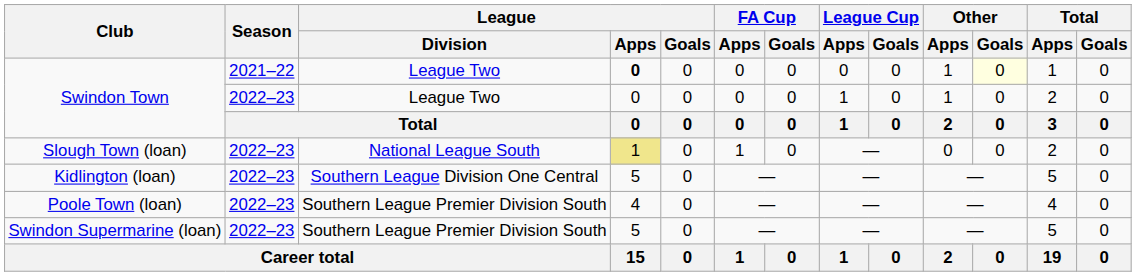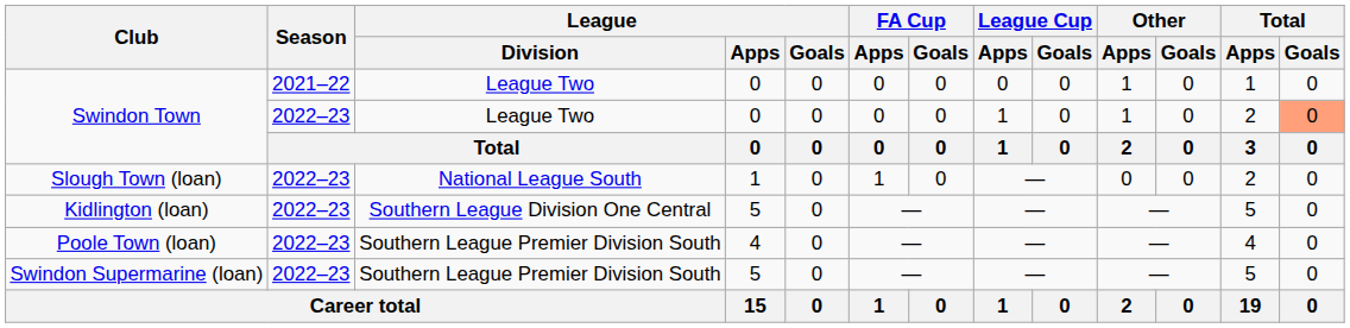 <table class="wikitable" style="text-align:center">
 <tr>
 <th rowspan="2">Club</th>
 <th rowspan="2">Season</th>
 <th colspan="3">League</th>
 <th colspan="2"><a href='#'>FA Cup</a></th>
 <th colspan="2"><a href='#'>League Cup</a></th>
 <th colspan="2">Other</th>
 <th colspan="2">Total</th>
 </tr>
 <tr>
 <th>Division</th>
 <th>Apps</th>
 <th>Goals</th>
 <th>Apps</th>
 <th>Goals</th>
 <th>Apps</th>
 <th>Goals</th>
 <th>Apps</th>
 <th>Goals</th>
 <th>Apps</th>
 <th>Goals</th>
 </tr>
 <tr>
 <td rowspan="3"><a href='#'>Swindon Town</a></td>
 <td><a href='#'>2021–22</a></td>
 <td><a href='#'>League Two</a></td>
-<td><strong>0</strong></td>
+<td>0</td>
 <td>0</td>
 <td>0</td>
 <td>0</td>
 <td>0</td>
 <td>0</td>
 <td>1</td>
-<td style="background: lightyellow;">0</td>
+<td>0</td>
 <td>1</td>
 <td>0</td>
 </tr>
 <tr>
 <td><a href='#'>2022–23</a></td>
 <td>League Two</td>
 <td>0</td>
 <td>0</td>
 <td>0</td>
 <td>0</td>
 <td>1</td>
 <td>0</td>
 <td>1</td>
 <td>0</td>
 <td>2</td>
-<td>0</td>
+<td style="background: lightsalmon;">0</td>
 </tr>
 <tr>
 <th colspan=2>Total</th>
 <th>0</th>
 <th>0</th>
 <th>0</th>
 <th>0</th>
 <th>1</th>
 <th>0</th>
 <th>2</th>
 <th>0</th>
 <th>3</th>
 <th>0</th>
 </tr>
 <tr>
 <td><a href='#'>Slough Town</a> (loan)</td>
 <td><a href='#'>2022–23</a></td>
 <td><a href='#'>National League South</a></td>
-<td style="background: khaki;">1</td>
+<td>1</td>
 <td>0</td>
 <td>1</td>
 <td>0</td>
 <td colspan="2">—</td>
 <td>0</td>
 <td>0</td>
 <td>2</td>
 <td>0</td>
 </tr>
 <tr>
 <td><a href='#'>Kidlington</a> (loan)</td>
 <td><a href='#'>2022–23</a></td>
 <td><a href='#'>Southern League</a> Division One Central</td>
 <td>5</td>
 <td>0</td>
 <td colspan="2">—</td>
 <td colspan="2">—</td>
 <td colspan="2">—</td>
 <td>5</td>
 <td>0</td>
 </tr>
 <tr>
 <td><a href='#'>Poole Town</a> (loan)</td>
 <td><a href='#'>2022–23</a></td>
 <td>Southern League Premier Division South</td>
 <td>4</td>
 <td>0</td>
 <td colspan="2">—</td>
 <td colspan="2">—</td>
 <td colspan="2">—</td>
 <td>4</td>
 <td>0</td>
 </tr>
 <tr>
 <td><a href='#'>Swindon Supermarine</a> (loan)</td>
 <td><a href='#'>2022–23</a></td>
 <td>Southern League Premier Division South</td>
 <td>5</td>
 <td>0</td>
 <td colspan="2">—</td>
 <td colspan="2">—</td>
 <td colspan="2">—</td>
 <td>5</td>
 <td>0</td>
 </tr>
 <tr>
 <th colspan=3>Career total</th>
 <th>15</th>
 <th>0</th>
 <th>1</th>
 <th>0</th>
 <th>1</th>
 <th>0</th>
 <th>2</th>
 <th>0</th>
 <th>19</th>
 <th>0</th>
 </tr>
 </table>
